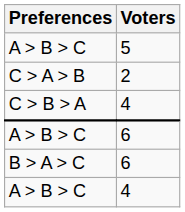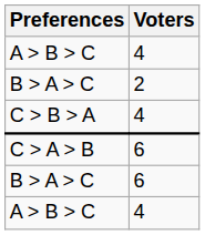 <table class="wikitable">
 <tr>
 <th>Preferences</th>
 <th>Voters</th>
 </tr>
 <tr>
 <td>A > B > C</td>
-<td>5</td>
+<td>4</td>
 </tr>
 <tr>
-<td>C > A > B</td>
+<td>B > A > C</td>
 <td>2</td>
 </tr>
 <tr>
 <td>C > B > A</td>
 <td>4</td>
 </tr>
 <tr style="border-top: 2px black solid">
-<td>A > B > C</td>
+<td>C > A > B</td>
 <td>6</td>
 </tr>
 <tr>
 <td>B > A > C</td>
 <td>6</td>
 </tr>
 <tr>
 <td>A > B > C</td>
 <td>4</td>
 </tr>
 </table>
